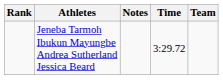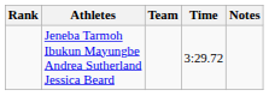 <table class="wikitable sortable">
 <tr>
 <th>Rank</th>
 <th>Athletes</th>
+<th>Team</th>
+<th>Time</th>
 <th>Notes</th>
-<th>Time</th>
-<th>Team</th>
 </tr>
 <tr>
 <td align=center></td>
 <td><a href='#'>Jeneba Tarmoh</a><br><a href='#'>Ibukun Mayungbe</a><br><a href='#'>Andrea Sutherland</a><br><a href='#'>Jessica Beard</a></td>
 <td></td>
 <td>3:29.72</td>
 <td></td>
 </tr>
 </table>
